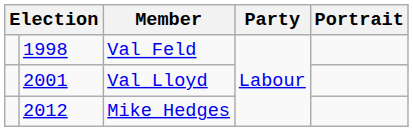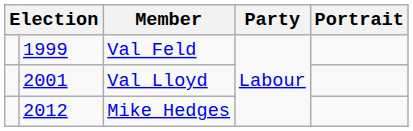 <table class="wikitable">
 <tr>
 <th colspan="2">Election</th>
 <th>Member</th>
 <th>Party</th>
 <th>Portrait</th>
 </tr>
 <tr>
 <td style="background-color: "></td>
-<td><a href='#'>1998</a></td>
+<td><a href='#'>1999</a></td>
 <td><a href='#'>Val Feld</a></td>
 <td rowspan="3"><a href='#'>Labour</a></td>
 <td></td>
 </tr>
 <tr>
 <td style="background-color: "></td>
 <td><a href='#'>2001</a></td>
 <td><a href='#'>Val Lloyd</a></td>
 <td></td>
 </tr>
 <tr>
 <td style="background-color: "></td>
 <td><a href='#'>2012</a></td>
 <td><a href='#'>Mike Hedges</a></td>
 <td></td>
 </tr>
 </table>
